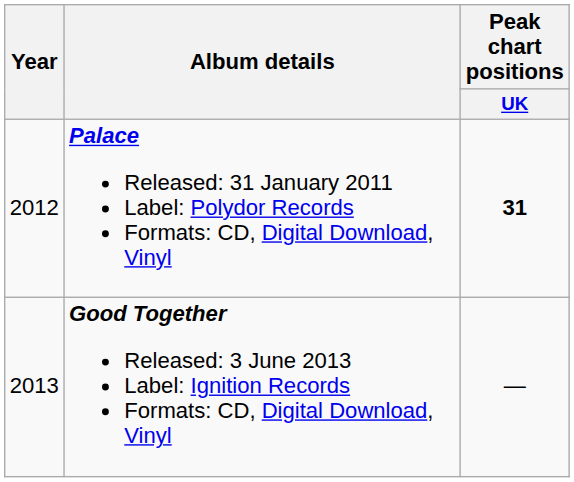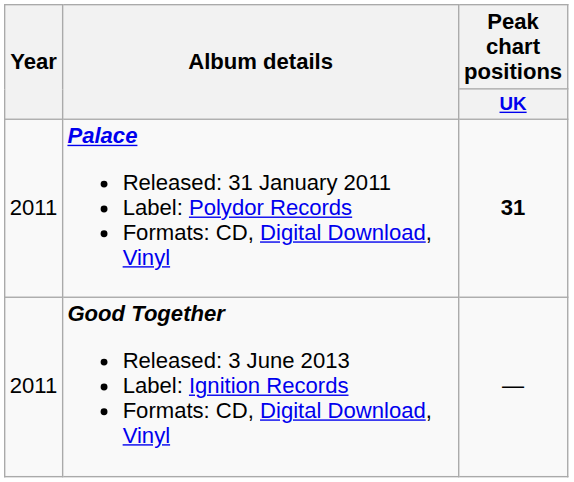 <table class="wikitable" style="text-align:center;">
 <tr>
 <th rowspan="2">Year</th>
 <th style="width:280px;" rowspan="2">Album details</th>
 <th>Peak chart positions</th>
 </tr>
 <tr>
 <th style="width:5em;font-size:85%"><a href='#'>UK</a></th>
 </tr>
 <tr>
-<td>2012</td>
+<td>2011</td>
 <td style="text-align:left;"><strong><em><a href='#'>Palace</a></em></strong><br><ul><li>Released: 31 January 2011</li><li>Label: <a href='#'>Polydor Records</a></li><li>Formats: CD, <a href='#'>Digital Download</a>, <a href='#'>Vinyl</a></li></ul></td>
 <td><strong>31</strong></td>
 </tr>
 <tr>
-<td>2013</td>
+<td>2011</td>
 <td style="text-align:left;"><strong><em>Good Together</em></strong><br><ul><li>Released: 3 June 2013</li><li>Label: <a href='#'>Ignition Records</a></li><li>Formats: CD, <a href='#'>Digital Download</a>, <a href='#'>Vinyl</a></li></ul></td>
 <td>—</td>
 </tr>
 </table>
